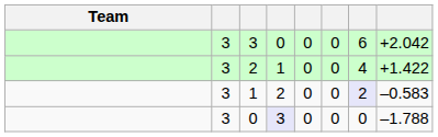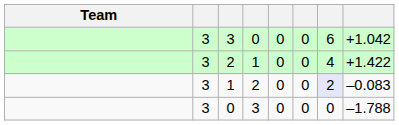 <table class="wikitable" style="text-align:center">
 <tr>
 <th width=200>Team</th>
 <th width=20></th>
 <th width=20></th>
 <th width=20></th>
 <th width=20></th>
 <th width=20></th>
 <th width=20></th>
 <th width=45></th>
 </tr>
 <tr bgcolor=ccffcc>
 <td align="left"></td>
 <td>3</td>
 <td>3</td>
 <td>0</td>
 <td>0</td>
 <td>0</td>
 <td>6</td>
-<td>+2.042</td>
+<td>+1.042</td>
 </tr>
 <tr bgcolor=ccffcc>
 <td align="left"></td>
 <td>3</td>
 <td>2</td>
 <td>1</td>
 <td>0</td>
 <td>0</td>
 <td>4</td>
 <td>+1.422</td>
 </tr>
 <tr>
 <td align="left"></td>
 <td>3</td>
 <td>1</td>
 <td>2</td>
 <td>0</td>
 <td>0</td>
 <td style="background: lavender;">2</td>
-<td>–0.583</td>
+<td>–0.083</td>
 </tr>
 <tr>
 <td align="left"></td>
 <td>3</td>
 <td>0</td>
-<td style="background: lavender;">3</td>
+<td>3</td>
 <td>0</td>
 <td>0</td>
 <td>0</td>
 <td>–1.788</td>
 </tr>
 </table>
